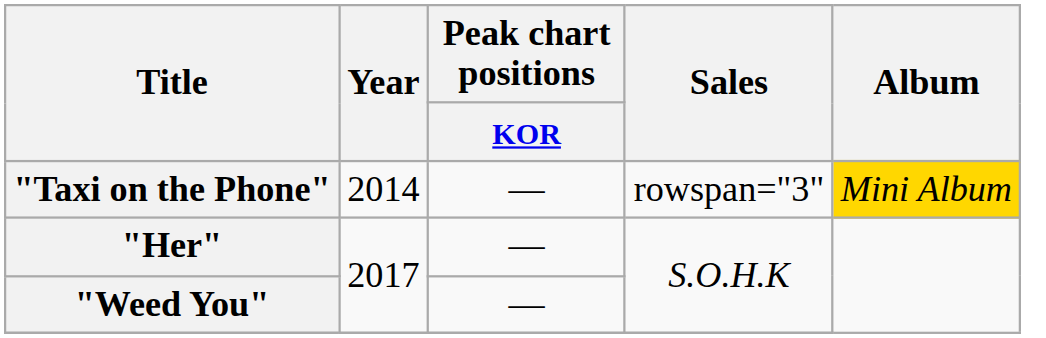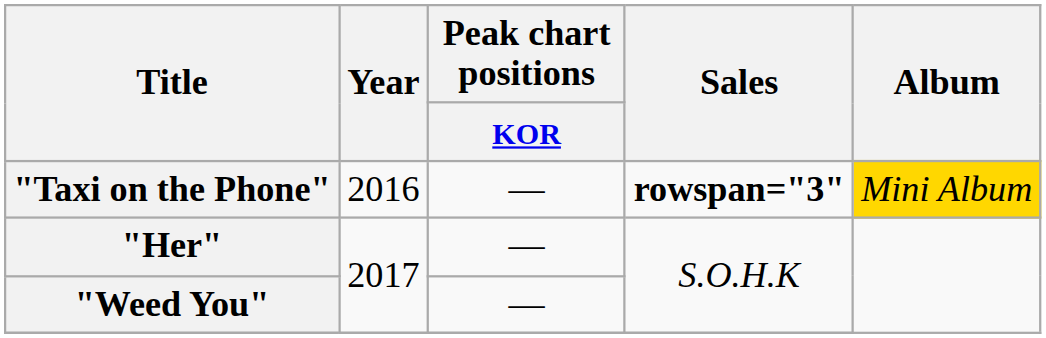 <table class="wikitable plainrowheaders" style="text-align:center;">
 <tr>
 <th scope="col" rowspan="2">Title</th>
 <th scope="col" rowspan="2">Year</th>
 <th scope="col" colspan="1" style="width:5em;">Peak chart positions</th>
 <th scope="col" rowspan="2">Sales</th>
 <th scope="col" rowspan="2">Album</th>
 </tr>
 <tr>
 <th><small><a href='#'>KOR</a></small><br></th>
 </tr>
 <tr>
 <th scope="row">"Taxi on the Phone"<br></th>
-<td>2014</td>
+<td>2016</td>
 <td>—</td>
-<td>rowspan="3" </td>
+<td><strong>rowspan="3" </strong></td>
 <td style="background: gold;"><em>Mini Album</em></td>
 </tr>
 <tr>
 <th scope="row">"Her"<br></th>
 <td rowspan="2">2017</td>
 <td>—</td>
 <td rowspan="2"><em>S.O.H.K</em></td>
 </tr>
 <tr>
 <th scope="row">"Weed You"</th>
 <td>—</td>
 </tr>
 <tr>
 </tr>
 </table>
